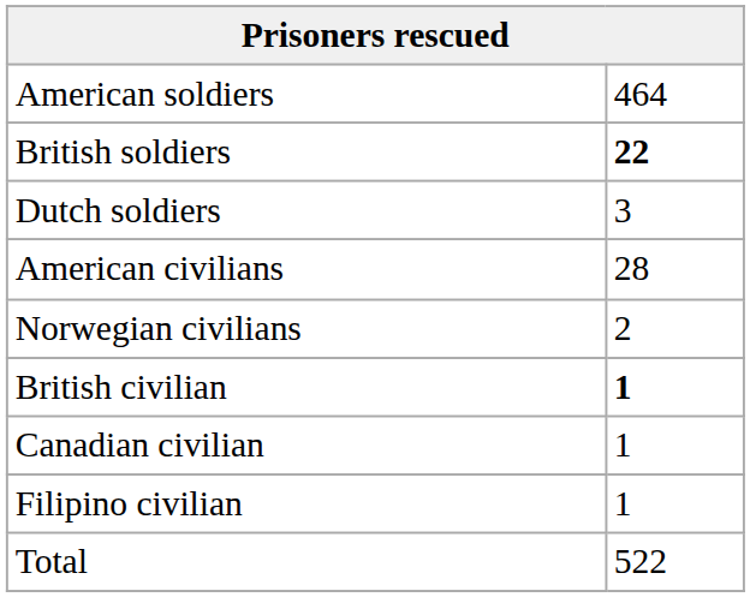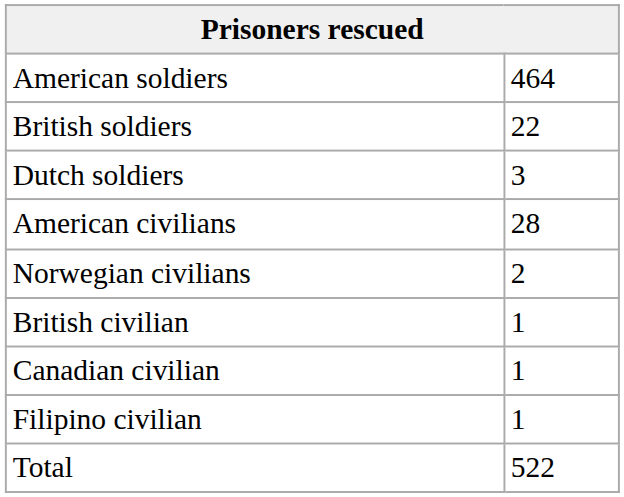 <table class="wikitable" align="right" style="font-size:95%; width:20%; background-color:#FFFFFF;">
 <tr>
 <td align="center" colspan="2" style="background:#f0f0f0;"><strong>Prisoners rescued</strong></td>
 </tr>
 <tr>
 <td>American soldiers</td>
 <td>464</td>
 </tr>
 <tr>
 <td>British soldiers</td>
-<td><strong>22</strong></td>
+<td>22</td>
 </tr>
 <tr>
 <td>Dutch soldiers</td>
 <td>3</td>
 </tr>
 <tr>
 <td>American civilians</td>
 <td>28</td>
 </tr>
 <tr>
 <td>Norwegian civilians</td>
 <td>2</td>
 </tr>
 <tr>
 <td>British civilian</td>
-<td><strong>1</strong></td>
+<td>1</td>
 </tr>
 <tr>
 <td>Canadian civilian</td>
 <td>1</td>
 </tr>
 <tr>
 <td>Filipino civilian</td>
 <td>1</td>
 </tr>
 <tr>
 <td>Total</td>
 <td>522</td>
 </tr>
 </table>
